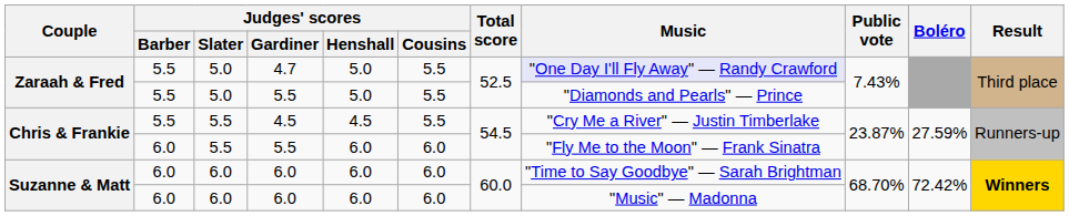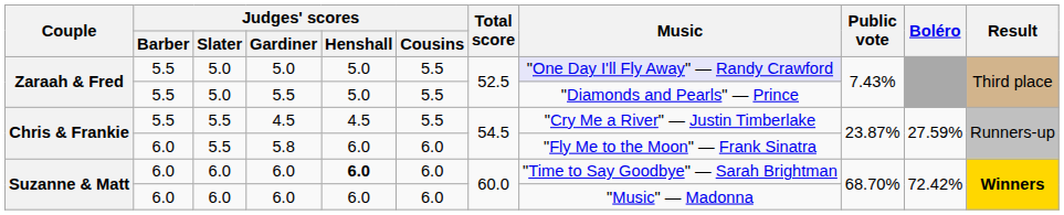 <table class="wikitable sortable" style="text-align:center; ; font-size:90%">
 <tr>
 <th scope="col" rowspan=2>Couple</th>
 <th scope="col" colspan=5 class="unsortable">Judges' scores</th>
 <th scope="col" rowspan=2>Total<br>score</th>
 <th scope="col" rowspan=2 class="unsortable">Music</th>
 <th scope="col" rowspan=2>Public<br>vote</th>
 <th scope="col" rowspan=2 class="unsortable"><a href='#'>Boléro</a></th>
 <th scope="col" rowspan=2 class="unsortable">Result</th>
 </tr>
 <tr>
 <th class="unsortable">Barber</th>
 <th class="unsortable">Slater</th>
 <th class="unsortable">Gardiner</th>
 <th class="unsortable">Henshall</th>
 <th class="unsortable">Cousins</th>
 </tr>
 <tr>
 <th scope="row" rowspan=2>Zaraah & Fred</th>
 <td>5.5</td>
 <td>5.0</td>
-<td>4.7</td>
+<td>5.0</td>
 <td>5.0</td>
 <td>5.5</td>
 <td rowspan="2">52.5</td>
 <td style="background: lavender;">"<a href='#'>One Day I'll Fly Away</a>" — <a href='#'>Randy Crawford</a></td>
 <td rowspan=2>7.43%</td>
 <td rowspan=2 bgcolor="darkgray"></td>
 <td bgcolor="tan" rowspan=2>Third place</td>
 </tr>
 <tr>
 <td>5.5</td>
 <td>5.0</td>
 <td>5.5</td>
 <td>5.0</td>
 <td>5.5</td>
 <td>"<a href='#'>Diamonds and Pearls</a>" — <a href='#'>Prince</a></td>
 </tr>
 <tr>
 <th scope="row" rowspan=2>Chris & Frankie</th>
 <td>5.5</td>
 <td>5.5</td>
 <td>4.5</td>
 <td>4.5</td>
 <td>5.5</td>
 <td rowspan="2">54.5</td>
 <td>"<a href='#'>Cry Me a River</a>" — <a href='#'>Justin Timberlake</a></td>
 <td rowspan=2>23.87%</td>
 <td rowspan=2>27.59%</td>
 <td bgcolor="silver" rowspan=2>Runners-up</td>
 </tr>
 <tr>
 <td>6.0</td>
 <td>5.5</td>
-<td>5.5</td>
+<td>5.8</td>
 <td>6.0</td>
 <td>6.0</td>
 <td>"<a href='#'>Fly Me to the Moon</a>" — <a href='#'>Frank Sinatra</a></td>
 </tr>
 <tr>
 <th scope="row" rowspan=2>Suzanne & Matt</th>
 <td>6.0</td>
 <td>6.0</td>
 <td>6.0</td>
-<td>6.0</td>
+<td><strong>6.0</strong></td>
 <td>6.0</td>
 <td rowspan="2">60.0</td>
 <td>"<a href='#'>Time to Say Goodbye</a>" — <a href='#'>Sarah Brightman</a></td>
 <td rowspan=2>68.70%</td>
 <td rowspan=2>72.42%</td>
 <td bgcolor="gold" rowspan=2><strong>Winners</strong></td>
 </tr>
 <tr>
 <td>6.0</td>
 <td>6.0</td>
 <td>6.0</td>
 <td>6.0</td>
 <td>6.0</td>
 <td>"<a href='#'>Music</a>" — <a href='#'>Madonna</a></td>
 </tr>
 </table>
